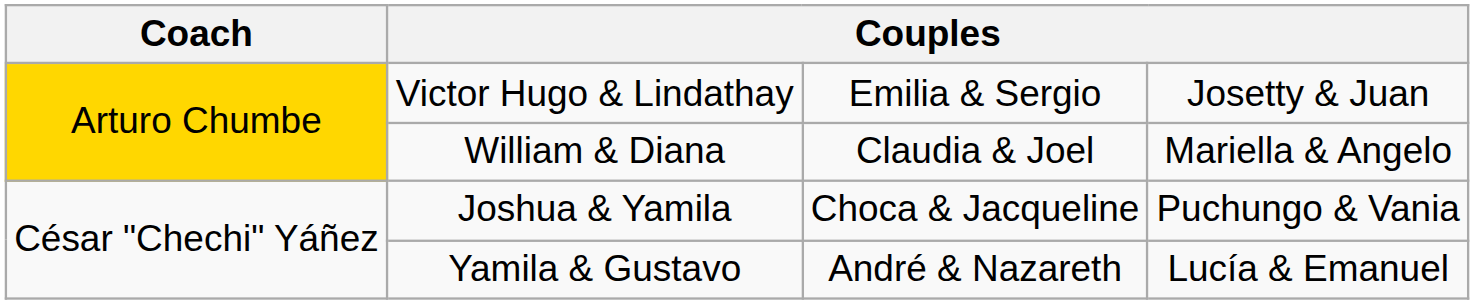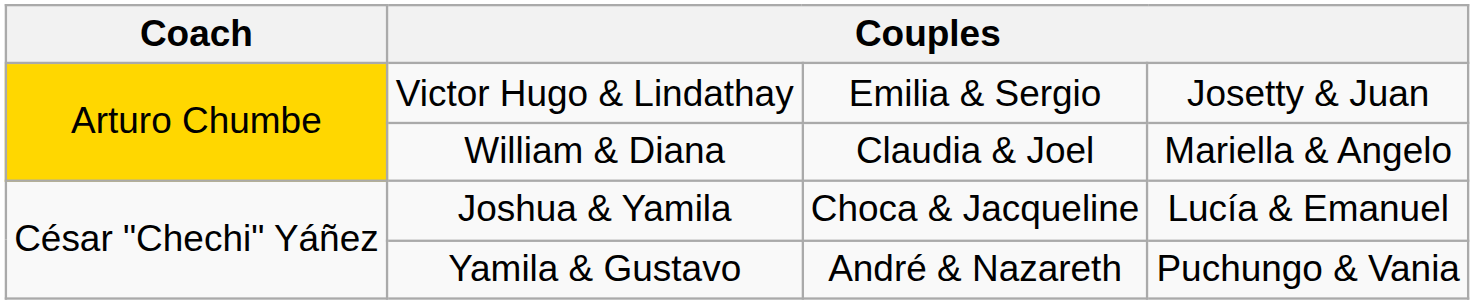 <table class="wikitable" style="text-align: center; margin:auto; align: center">
 <tr>
 <th>Coach</th>
 <th colspan=3>Couples</th>
 </tr>
 <tr>
 <td style="background:gold" rowspan=2>Arturo Chumbe</td>
 <td>Victor Hugo & Lindathay</td>
 <td>Emilia & Sergio</td>
 <td>Josetty & Juan</td>
 </tr>
 <tr>
 <td>William & Diana</td>
 <td>Claudia & Joel</td>
 <td>Mariella & Angelo</td>
 </tr>
 <tr>
 <td rowspan=2>César "Chechi" Yáñez</td>
 <td>Joshua & Yamila</td>
 <td>Choca & Jacqueline</td>
-<td>Puchungo & Vania</td>
+<td>Lucía & Emanuel</td>
 </tr>
 <tr>
 <td>Yamila & Gustavo</td>
 <td>André & Nazareth</td>
-<td>Lucía & Emanuel</td>
+<td>Puchungo & Vania</td>
 </tr>
 </table>
